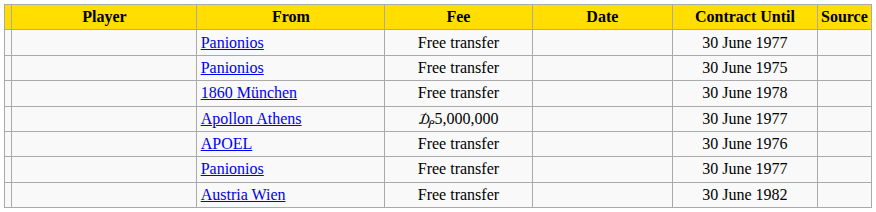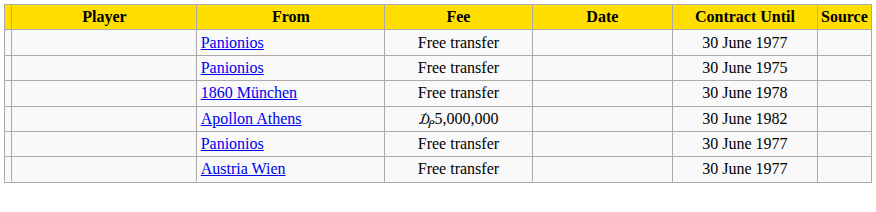 <table class="wikitable sortable">
 <tr>
 <th style="background:#FFDE00"></th>
 <th width=200 style="background:#FFDE00">Player</th>
 <th width=200 style="background:#FFDE00">From</th>
 <th width=150 style="background:#FFDE00">Fee</th>
 <th width=150 style="background:#FFDE00">Date</th>
 <th width=150 style="background:#FFDE00">Contract Until</th>
 <th style="background:#FFDE00">Source</th>
 </tr>
 <tr>
 <td align=center></td>
 <td></td>
 <td> <a href='#'>Panionios</a></td>
 <td align=center>Free transfer</td>
 <td align=center></td>
 <td align=center>30 June 1977</td>
 <td align=center></td>
 </tr>
 <tr>
 <td align=center></td>
 <td></td>
 <td> <a href='#'>Panionios</a></td>
 <td align=center>Free transfer</td>
 <td align=center></td>
 <td align=center>30 June 1975</td>
 <td align=center></td>
 </tr>
 <tr>
 <td align=center></td>
 <td></td>
 <td> <a href='#'>1860 München</a></td>
 <td align=center>Free transfer</td>
 <td align=center></td>
 <td align=center>30 June 1978</td>
 <td align=center></td>
 </tr>
 <tr>
 <td align=center></td>
 <td></td>
 <td> <a href='#'>Apollon Athens</a></td>
 <td align=center>₯5,000,000</td>
 <td align=center></td>
-<td align=center>30 June 1977</td>
-<td align=center></td>
-</tr>
-<tr>
-<td align=center></td>
-<td></td>
-<td> <a href='#'>APOEL</a></td>
-<td align=center>Free transfer</td>
-<td align=center></td>
-<td align=center>30 June 1976</td>
+<td align=center>30 June 1982</td>
 <td align=center></td>
 </tr>
 <tr>
 <td align=center></td>
 <td></td>
 <td> <a href='#'>Panionios</a></td>
 <td align=center>Free transfer</td>
 <td align=center></td>
 <td align=center>30 June 1977</td>
 <td align=center></td>
 </tr>
 <tr>
 <td align=center></td>
 <td></td>
 <td> <a href='#'>Austria Wien</a></td>
 <td align=center>Free transfer</td>
 <td align=center></td>
-<td align=center>30 June 1982</td>
+<td align=center>30 June 1977</td>
 <td align=center></td>
 </tr>
 </table>
